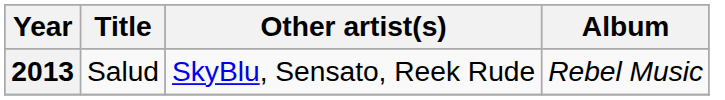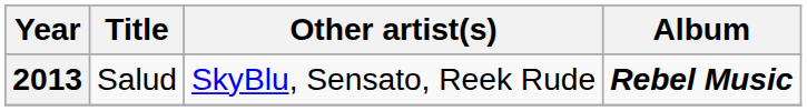 <table class="wikitable plainrowheaders sortable">
 <tr>
 <th>Year</th>
 <th>Title</th>
 <th>Other artist(s)</th>
 <th>Album</th>
 </tr>
 <tr>
 <th scope="row">2013</th>
 <td>Salud</td>
 <td><a href='#'>SkyBlu</a>, Sensato, Reek Rude</td>
-<td><em>Rebel Music</em></td>
+<td><strong><em>Rebel Music</em></strong></td>
 </tr>
 <tr>
 </tr>
 </table>
